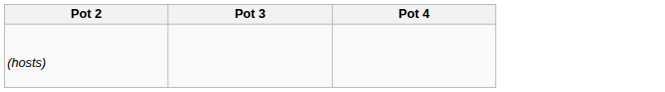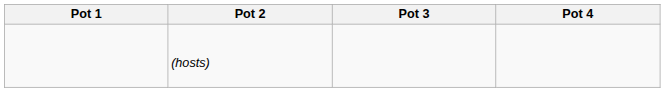 <table class="wikitable">
 <tr>
+<th width=200px>Pot 1</th>
 <th width=200px>Pot 2</th>
 <th width=200px>Pot 3</th>
 <th width=200px>Pot 4</th>
 </tr>
 <tr>
+<td><br> <br>  <br>  <br> </td>
 <td><br> <br>  <em>(hosts)</em> <br>  <br> </td>
 <td><br> <br>  <br>  <br> </td>
 <td><br> <br>  <br>  <br> </td>
 </tr>
 </table>
